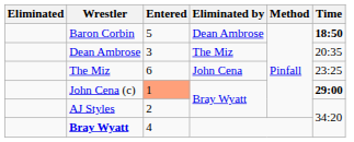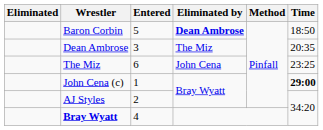 <table class="wikitable sortable">
 <tr>
 <th>Eliminated</th>
 <th>Wrestler</th>
 <th>Entered</th>
 <th>Eliminated by</th>
 <th>Method</th>
 <th>Time</th>
 </tr>
 <tr>
 <td></td>
 <td><a href='#'>Baron Corbin</a></td>
 <td>5</td>
-<td><a href='#'>Dean Ambrose</a></td>
+<td><strong><a href='#'>Dean Ambrose</a></strong></td>
 <td rowspan=5><a href='#'>Pinfall</a></td>
-<td><strong>18:50</strong></td>
+<td>18:50</td>
 </tr>
 <tr>
 <td></td>
 <td><a href='#'>Dean Ambrose</a></td>
 <td>3</td>
 <td><a href='#'>The Miz</a></td>
 <td>20:35</td>
 </tr>
 <tr>
 <td></td>
 <td><a href='#'>The Miz</a></td>
 <td>6</td>
 <td><a href='#'>John Cena</a></td>
 <td>23:25</td>
 </tr>
 <tr>
 <td></td>
 <td><a href='#'>John Cena</a> (c)</td>
-<td style="background: lightsalmon;">1</td>
+<td>1</td>
 <td rowspan=2><a href='#'>Bray Wyatt</a></td>
 <td><strong>29:00</strong></td>
 </tr>
 <tr>
 <td></td>
 <td><a href='#'>AJ Styles</a></td>
 <td>2</td>
 <td rowspan=2>34:20</td>
 </tr>
 <tr>
 <td></td>
 <td><strong><a href='#'>Bray Wyatt</a></strong></td>
 <td>4</td>
 <td colspan="3"></td>
 </tr>
 </table>
